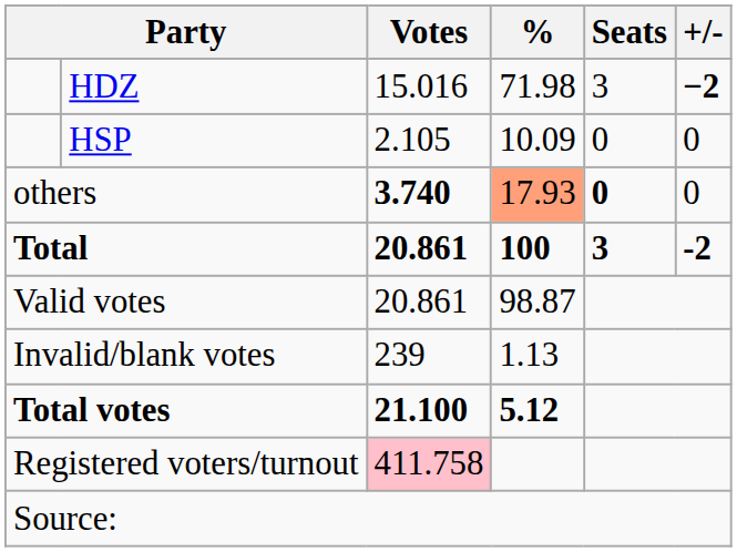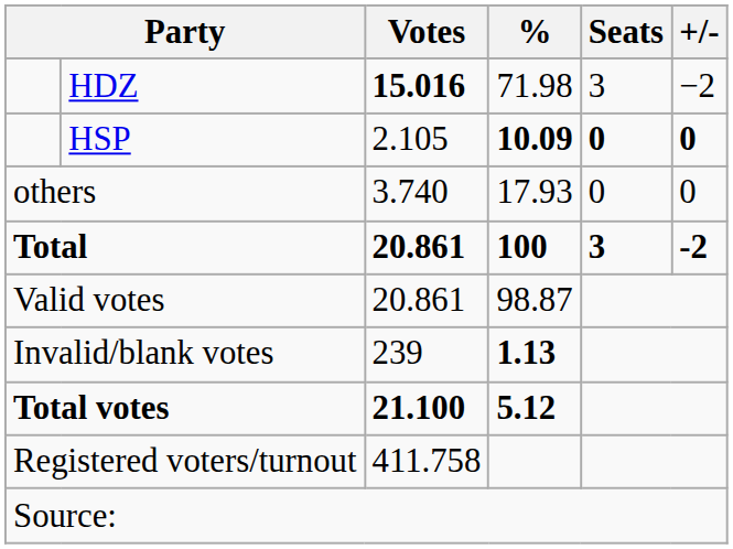 <table class="wikitable" style="text-align: left;">
 <tr>
 <th colspan="2">Party</th>
 <th>Votes</th>
 <th>%</th>
 <th>Seats</th>
 <th>+/-</th>
 </tr>
 <tr>
 <td style="background-color: "></td>
 <td><a href='#'>HDZ</a></td>
-<td>15.016</td>
+<td><strong>15.016</strong></td>
 <td>71.98</td>
 <td>3</td>
-<td><strong>−2</strong></td>
+<td>−2</td>
 </tr>
 <tr>
 <td style="background-color: "></td>
 <td><a href='#'>HSP</a></td>
 <td>2.105</td>
-<td>10.09</td>
-<td>0</td>
-<td>0</td>
+<td><strong>10.09</strong></td>
+<td><strong>0</strong></td>
+<td><strong>0</strong></td>
 </tr>
 <tr>
 <td colspan="2">others</td>
-<td><strong>3.740</strong></td>
-<td style="background: lightsalmon;">17.93</td>
-<td><strong>0</strong></td>
+<td>3.740</td>
+<td>17.93</td>
+<td>0</td>
 <td>0</td>
 </tr>
 <tr>
 <td colspan="2"><strong>Total</strong></td>
 <td><strong>20.861</strong></td>
 <td><strong>100</strong></td>
 <td><strong>3</strong></td>
 <td><strong>-2</strong></td>
 </tr>
 <tr>
 <td colspan="2">Valid votes</td>
 <td>20.861</td>
 <td>98.87</td>
 <td colspan="2"></td>
 </tr>
 <tr>
 <td colspan="2">Invalid/blank votes</td>
 <td>239</td>
-<td>1.13</td>
+<td><strong>1.13</strong></td>
 <td colspan="2"></td>
 </tr>
 <tr>
 <td colspan="2"><strong>Total votes</strong></td>
 <td><strong>21.100</strong></td>
 <td><strong>5.12</strong></td>
 <td colspan="2"></td>
 </tr>
 <tr>
 <td colspan="2">Registered voters/turnout</td>
-<td votes14="5343" style="background: pink;">411.758</td>
+<td votes14="5343">411.758</td>
 <td></td>
 <td colspan="2"></td>
 </tr>
 <tr>
 <td colspan="6">Source: </td>
 </tr>
 </table>
